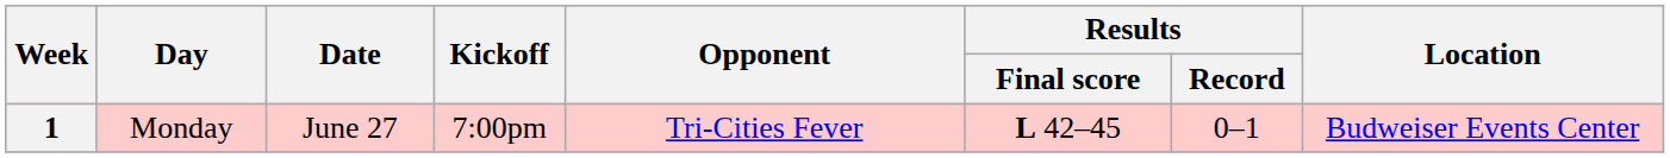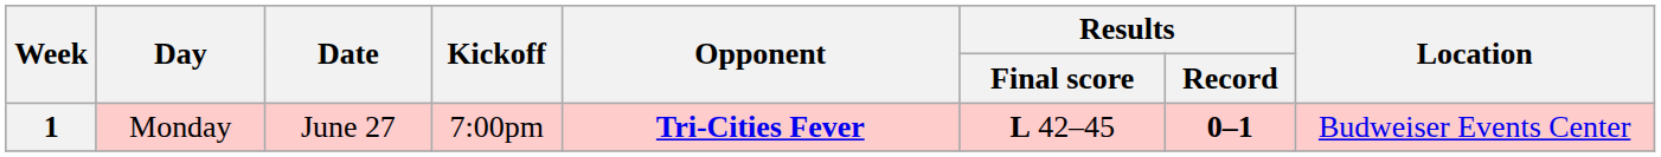 <table class="wikitable">
 <tr>
 <th rowspan="2" width="40">Week</th>
 <th rowspan="2" width="80">Day</th>
 <th rowspan="2" width="80">Date</th>
 <th rowspan="2" width="60">Kickoff</th>
 <th rowspan="2" width="200">Opponent</th>
 <th colspan="2" width="160">Results</th>
 <th rowspan="2" width="180">Location</th>
 </tr>
 <tr>
 <th width="100">Final score</th>
 <th width="60">Record</th>
 </tr>
 <tr align="center" bgcolor="#FFCCCC">
 <th>1</th>
 <td>Monday</td>
 <td>June 27</td>
 <td>7:00pm</td>
-<td><a href='#'>Tri-Cities Fever</a></td>
+<td><strong><a href='#'>Tri-Cities Fever</a></strong></td>
 <td><strong>L</strong> 42–45</td>
-<td>0–1</td>
+<td><strong>0–1</strong></td>
 <td><a href='#'>Budweiser Events Center</a></td>
 </tr>
 </table>
